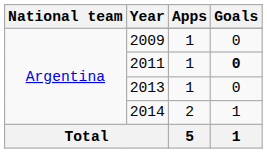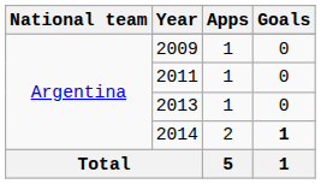 <table class=wikitable style="text-align: center;">
 <tr>
 <th>National team</th>
 <th>Year</th>
 <th>Apps</th>
 <th>Goals</th>
 </tr>
 <tr>
 <td rowspan="5"><a href='#'>Argentina</a></td>
 </tr>
 <tr>
 <td>2009</td>
 <td>1</td>
 <td>0</td>
 </tr>
 <tr>
 <td>2011</td>
 <td>1</td>
-<td><strong>0</strong></td>
+<td>0</td>
 </tr>
 <tr>
 <td>2013</td>
 <td>1</td>
 <td>0</td>
 </tr>
 <tr>
 <td>2014</td>
 <td>2</td>
-<td>1</td>
+<td><strong>1</strong></td>
 </tr>
 <tr>
 <th colspan="2">Total</th>
 <th>5</th>
 <th>1</th>
 </tr>
 </table>
